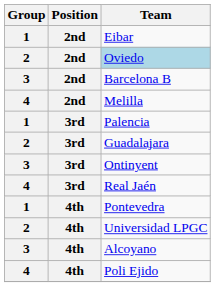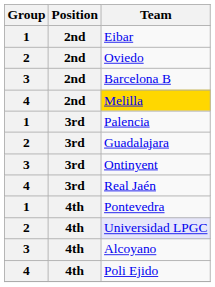 <table class="wikitable">
 <tr>
 <th>Group</th>
 <th>Position</th>
 <th>Team</th>
 </tr>
 <tr>
 <th>1</th>
 <th>2nd</th>
 <td><a href='#'>Eibar</a></td>
 </tr>
 <tr>
 <th>2</th>
 <th>2nd</th>
-<td style="background: lightblue;"><a href='#'>Oviedo</a></td>
+<td><a href='#'>Oviedo</a></td>
 </tr>
 <tr>
 <th>3</th>
 <th>2nd</th>
 <td><a href='#'>Barcelona B</a></td>
 </tr>
 <tr>
 <th>4</th>
 <th>2nd</th>
-<td><a href='#'>Melilla</a></td>
+<td style="background: gold;"><a href='#'>Melilla</a></td>
 </tr>
 <tr>
 <th>1</th>
 <th>3rd</th>
 <td><a href='#'>Palencia</a></td>
 </tr>
 <tr>
 <th>2</th>
 <th>3rd</th>
 <td><a href='#'>Guadalajara</a></td>
 </tr>
 <tr>
 <th>3</th>
 <th>3rd</th>
 <td><a href='#'>Ontinyent</a></td>
 </tr>
 <tr>
 <th>4</th>
 <th>3rd</th>
 <td><a href='#'>Real Jaén</a></td>
 </tr>
 <tr>
 <th>1</th>
 <th>4th</th>
 <td><a href='#'>Pontevedra</a></td>
 </tr>
 <tr>
 <th>2</th>
 <th>4th</th>
-<td><a href='#'>Universidad LPGC</a></td>
+<td style="background: lavender;"><a href='#'>Universidad LPGC</a></td>
 </tr>
 <tr>
 <th>3</th>
 <th>4th</th>
 <td><a href='#'>Alcoyano</a></td>
 </tr>
 <tr>
 <th>4</th>
 <th>4th</th>
 <td><a href='#'>Poli Ejido</a></td>
 </tr>
 <tr>
 </tr>
 </table>
